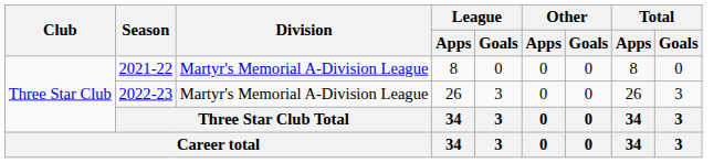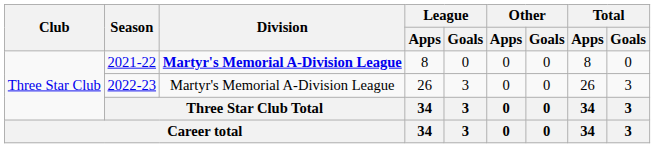 <table class="wikitable" style="text-align:center;">
 <tr>
 <th rowspan=2>Club</th>
 <th rowspan=2>Season</th>
 <th rowspan=2>Division</th>
 <th colspan=2>League</th>
 <th colspan=2>Other</th>
 <th colspan=2>Total</th>
 </tr>
 <tr>
 <th>Apps</th>
 <th>Goals</th>
 <th>Apps</th>
 <th>Goals</th>
 <th>Apps</th>
 <th>Goals</th>
 </tr>
 <tr>
 <td rowspan=3><a href='#'>Three Star Club</a></td>
 <td><a href='#'>2021-22</a></td>
-<td><a href='#'>Martyr's Memorial A-Division League</a></td>
+<td><strong><a href='#'>Martyr's Memorial A-Division League</a></strong></td>
 <td>8</td>
 <td>0</td>
 <td>0</td>
 <td>0</td>
 <td>8</td>
 <td>0</td>
 </tr>
 <tr>
 <td><a href='#'>2022-23</a></td>
 <td>Martyr's Memorial A-Division League</td>
 <td>26</td>
 <td>3</td>
 <td>0</td>
 <td>0</td>
 <td>26</td>
 <td>3</td>
 </tr>
 <tr>
 <th colspan=2>Three Star Club Total</th>
 <th>34</th>
 <th>3</th>
 <th>0</th>
 <th>0</th>
 <th>34</th>
 <th>3</th>
 </tr>
 <tr>
 <th colspan="3">Career total</th>
 <th>34</th>
 <th>3</th>
 <th>0</th>
 <th>0</th>
 <th>34</th>
 <th>3</th>
 </tr>
 </table>
